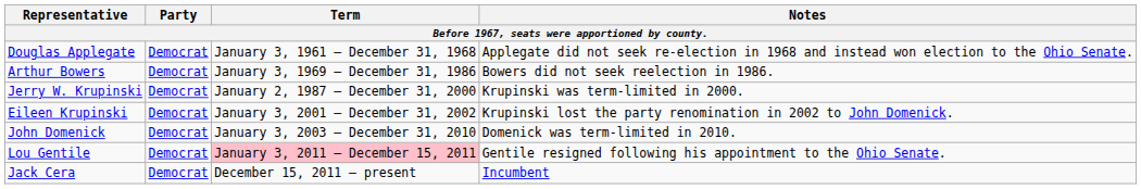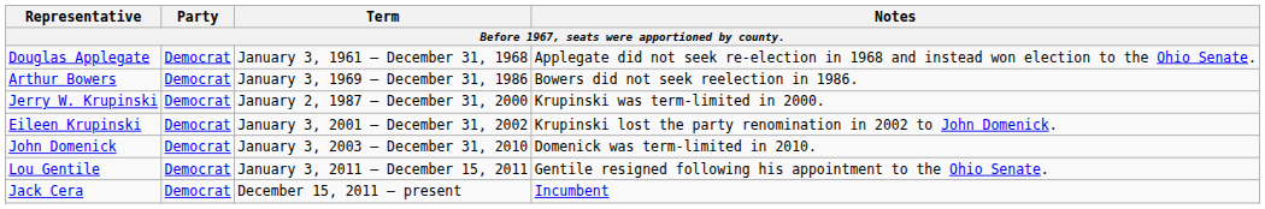 <table class=wikitable>
 <tr valign=bottom>
 <th>Representative</th>
 <th>Party</th>
 <th>Term</th>
 <th>Notes</th>
 </tr>
 <tr>
 <th colspan=5 style="font-size: 80%;"><em>Before 1967, seats were apportioned by county.</em></th>
 </tr>
 <tr>
 <td><a href='#'>Douglas Applegate</a></td>
 <td><a href='#'>Democrat</a></td>
 <td>January 3, 1961 – December 31, 1968</td>
 <td>Applegate did not seek re-election in 1968 and instead won election to the <a href='#'>Ohio Senate</a>.</td>
 </tr>
 <tr>
 <td><a href='#'>Arthur Bowers</a></td>
 <td><a href='#'>Democrat</a></td>
 <td>January 3, 1969 – December 31, 1986</td>
 <td>Bowers did not seek reelection in 1986.</td>
 </tr>
 <tr>
 <td><a href='#'>Jerry W. Krupinski</a></td>
 <td><a href='#'>Democrat</a></td>
 <td>January 2, 1987 – December 31, 2000</td>
 <td>Krupinski was term-limited in 2000.</td>
 </tr>
 <tr>
 <td><a href='#'>Eileen Krupinski</a></td>
 <td><a href='#'>Democrat</a></td>
 <td>January 3, 2001 – December 31, 2002</td>
 <td>Krupinski lost the party renomination in 2002 to <a href='#'>John Domenick</a>.</td>
 </tr>
 <tr>
 <td><a href='#'>John Domenick</a></td>
 <td><a href='#'>Democrat</a></td>
 <td>January 3, 2003 – December 31, 2010</td>
 <td>Domenick was term-limited in 2010.</td>
 </tr>
 <tr>
 <td><a href='#'>Lou Gentile</a></td>
 <td><a href='#'>Democrat</a></td>
-<td style="background: pink;">January 3, 2011 – December 15, 2011</td>
+<td>January 3, 2011 – December 15, 2011</td>
 <td>Gentile resigned following his appointment to the <a href='#'>Ohio Senate</a>.</td>
 </tr>
 <tr>
 <td><a href='#'>Jack Cera</a></td>
 <td><a href='#'>Democrat</a></td>
 <td>December 15, 2011 – present</td>
 <td><a href='#'>Incumbent</a></td>
 </tr>
 </table>
